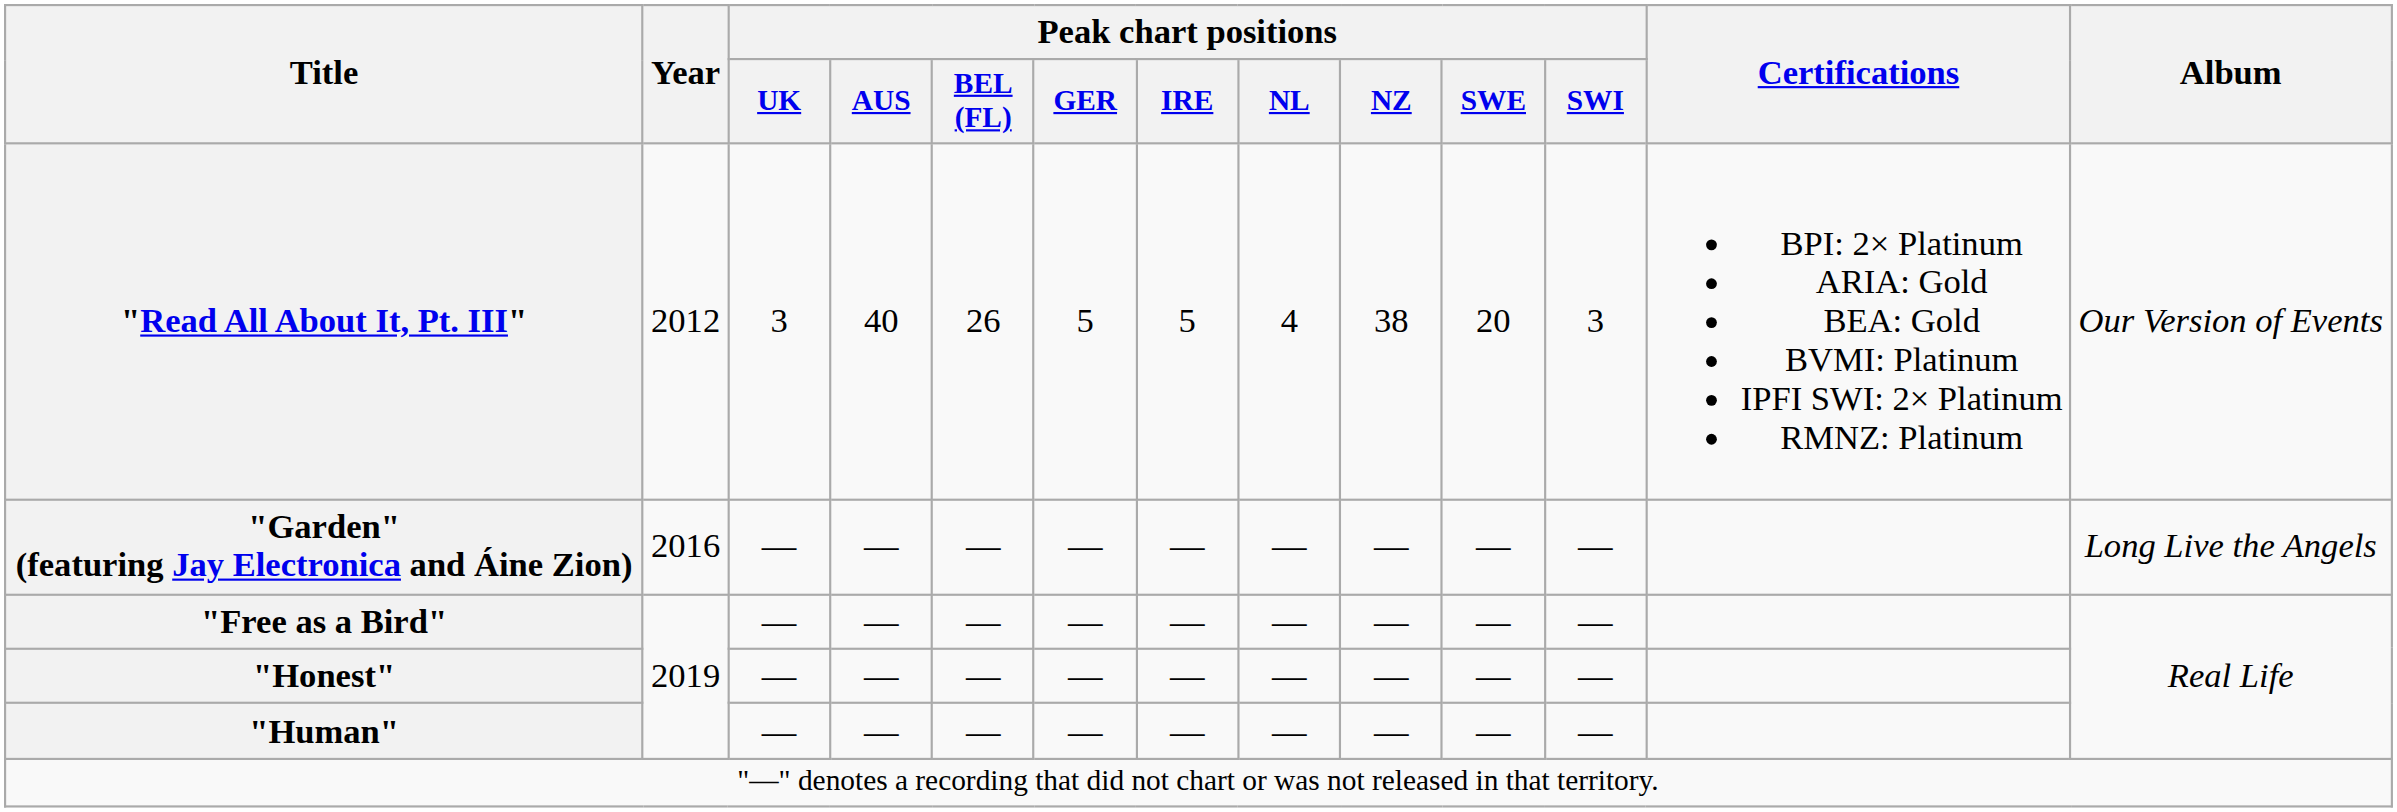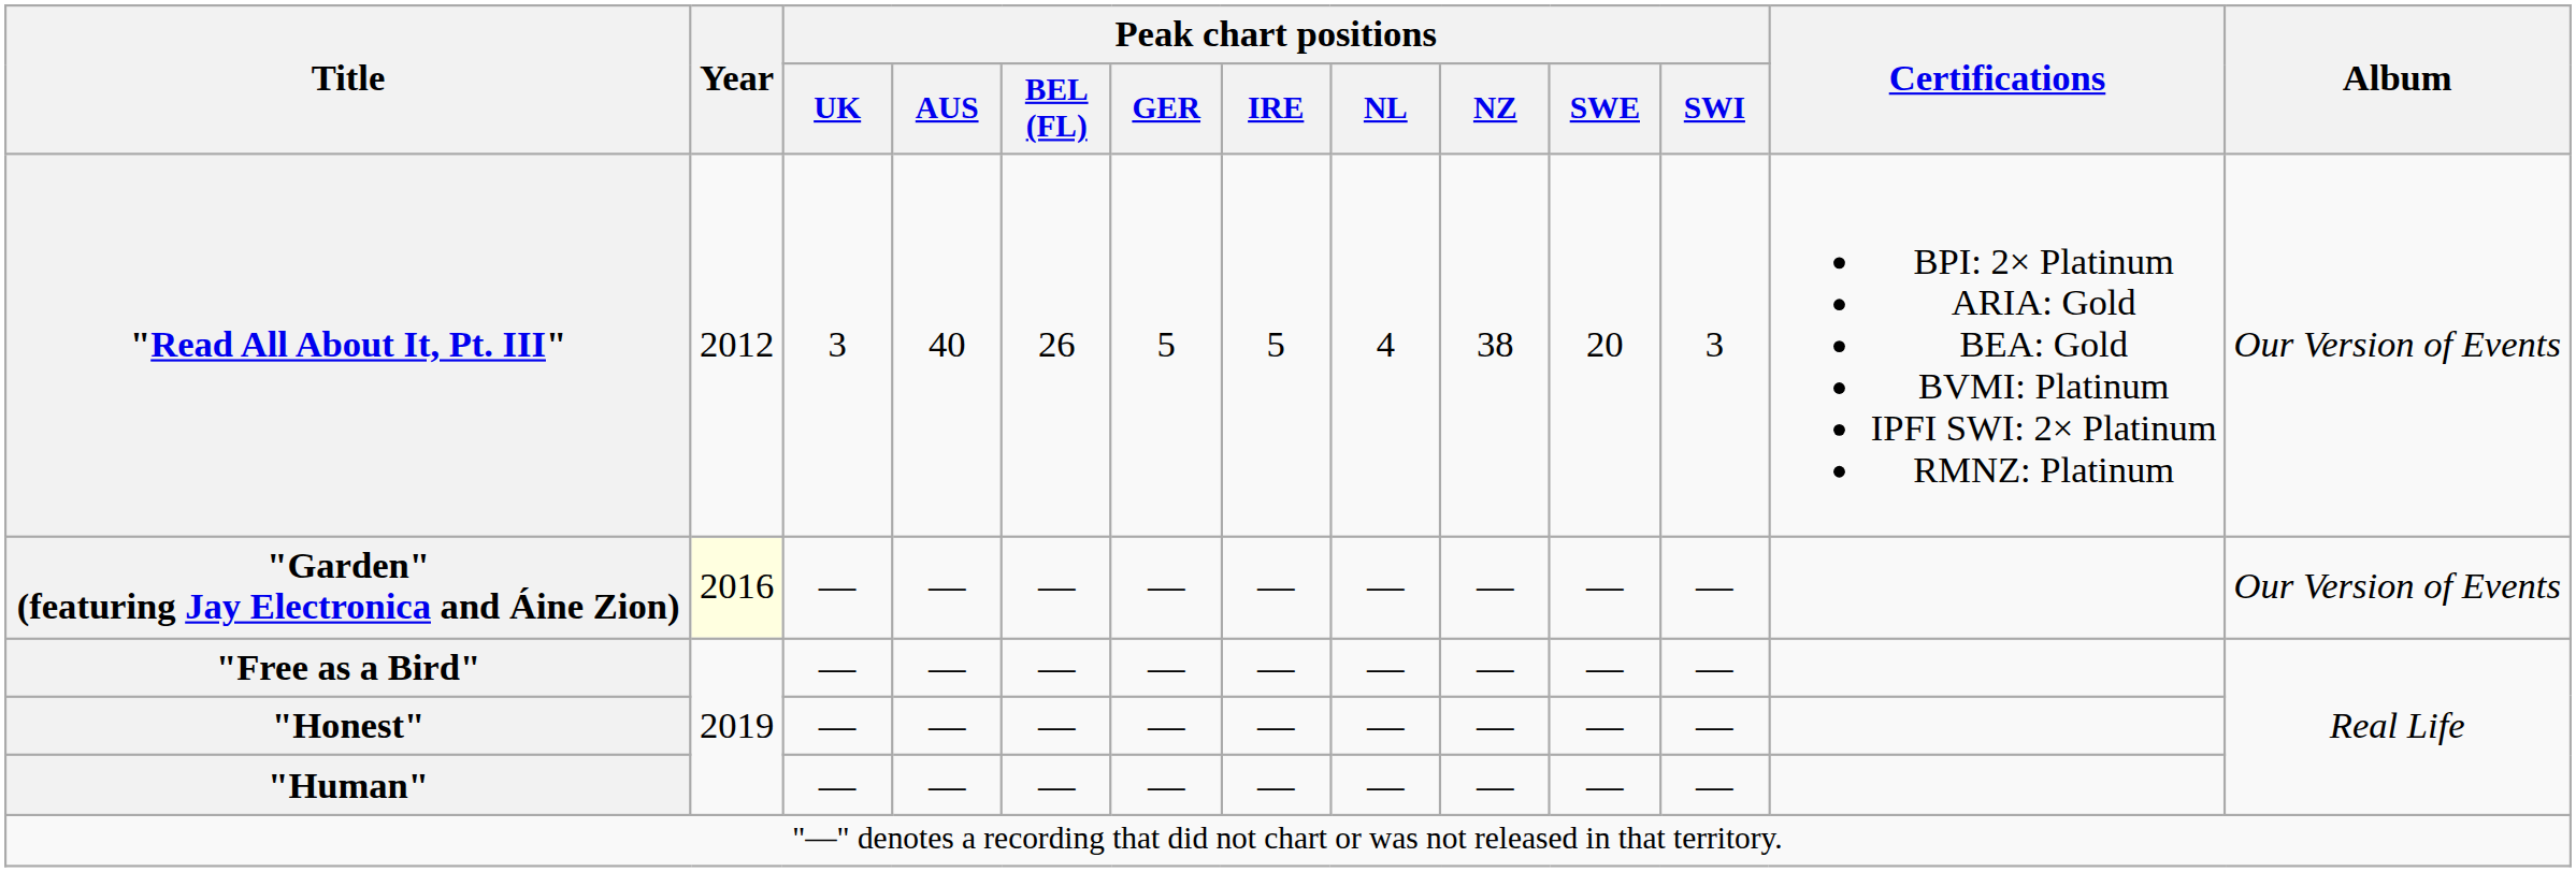 <table class="wikitable plainrowheaders" style="text-align:center;">
 <tr>
 <th scope="col" rowspan="2" style="width:18em;">Title</th>
 <th scope="col" rowspan="2" style="width:1em;">Year</th>
 <th scope="col" colspan="9">Peak chart positions</th>
 <th scope="col" rowspan="2"><a href='#'>Certifications</a></th>
 <th scope="col" rowspan="2">Album</th>
 </tr>
 <tr>
 <th scope="col" style="width:3em;font-size:85%;"><a href='#'>UK</a><br></th>
 <th scope="col" style="width:3em;font-size:85%;"><a href='#'>AUS</a><br></th>
 <th scope="col" style="width:3em;font-size:85%;"><a href='#'>BEL<br>(FL)</a><br></th>
 <th scope="col" style="width:3em;font-size:85%;"><a href='#'>GER</a><br></th>
 <th scope="col" style="width:3em;font-size:85%;"><a href='#'>IRE</a><br></th>
 <th scope="col" style="width:3em;font-size:85%;"><a href='#'>NL</a><br></th>
 <th scope="col" style="width:3em;font-size:85%;"><a href='#'>NZ</a><br></th>
 <th scope="col" style="width:3em;font-size:85%;"><a href='#'>SWE</a><br></th>
 <th scope="col" style="width:3em;font-size:85%;"><a href='#'>SWI</a><br></th>
 </tr>
 <tr>
 <th scope="row">"<a href='#'>Read All About It, Pt. III</a>"<br></th>
 <td>2012</td>
 <td>3</td>
 <td>40</td>
 <td>26</td>
 <td>5</td>
 <td>5</td>
 <td>4</td>
 <td>38</td>
 <td>20</td>
 <td>3</td>
 <td><br><ul><li>BPI: 2× Platinum</li><li>ARIA: Gold</li><li>BEA: Gold</li><li>BVMI: Platinum</li><li>IPFI SWI: 2× Platinum</li><li>RMNZ: Platinum</li></ul></td>
 <td><em>Our Version of Events</em></td>
 </tr>
 <tr>
 <th scope="row">"Garden"<br><span>(featuring <a href='#'>Jay Electronica</a> and Áine Zion)</span></th>
-<td>2016</td>
+<td style="background: lightyellow;">2016</td>
 <td>—</td>
 <td>—</td>
 <td>—</td>
 <td>—</td>
 <td>—</td>
 <td>—</td>
 <td>—</td>
 <td>—</td>
 <td>—</td>
 <td></td>
-<td><em>Long Live the Angels</em></td>
+<td><em>Our Version of Events</em></td>
 </tr>
 <tr>
 <th scope="row">"Free as a Bird"</th>
 <td rowspan="3">2019</td>
 <td>—</td>
 <td>—</td>
 <td>—</td>
 <td>—</td>
 <td>—</td>
 <td>—</td>
 <td>—</td>
 <td>—</td>
 <td>—</td>
 <td></td>
 <td rowspan="3"><em>Real Life</em></td>
 </tr>
 <tr>
 <th scope="row">"Honest"</th>
 <td>—</td>
 <td>—</td>
 <td>—</td>
 <td>—</td>
 <td>—</td>
 <td>—</td>
 <td>—</td>
 <td>—</td>
 <td>—</td>
 <td></td>
 </tr>
 <tr>
 <th scope="row">"Human"</th>
 <td>—</td>
 <td>—</td>
 <td>—</td>
 <td>—</td>
 <td>—</td>
 <td>—</td>
 <td>—</td>
 <td>—</td>
 <td>—</td>
 <td></td>
 </tr>
 <tr>
 <td colspan="20" style="font-size:85%">"—" denotes a recording that did not chart or was not released in that territory.</td>
 </tr>
 </table>
